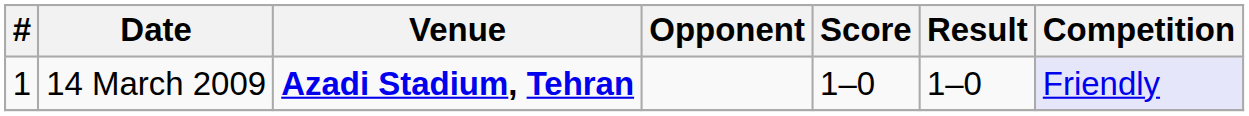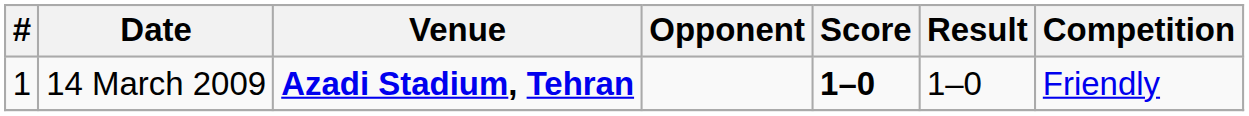 <table class="wikitable">
 <tr>
 <th>#</th>
 <th>Date</th>
 <th>Venue</th>
 <th>Opponent</th>
 <th>Score</th>
 <th>Result</th>
 <th>Competition</th>
 </tr>
 <tr>
 <td>1</td>
 <td>14 March 2009</td>
 <td><strong><a href='#'>Azadi Stadium</a>, <a href='#'>Tehran</a></strong></td>
 <td></td>
+<td><strong>1–0</strong></td>
 <td>1–0</td>
-<td>1–0</td>
-<td style="background: lavender;"><a href='#'>Friendly</a></td>
+<td><a href='#'>Friendly</a></td>
 </tr>
 <tr>
 </tr>
 </table>
